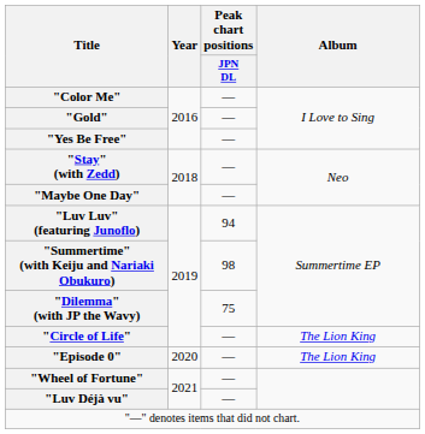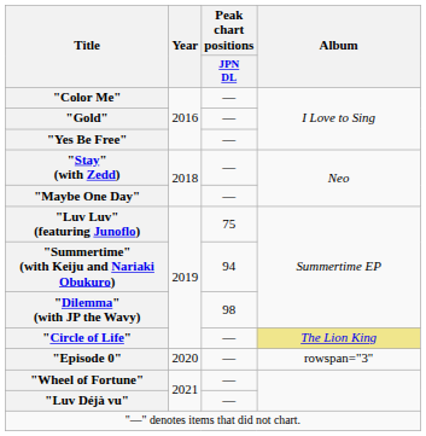 <table class="wikitable plainrowheaders" style="text-align:center;">
 <tr>
 <th rowspan="2" scope="col" style="width:12em;">Title</th>
 <th rowspan="2" scope="col" style="width:1em;">Year</th>
 <th>Peak chart positions</th>
 <th rowspan="2" scope="col" style="width:12em;">Album</th>
 </tr>
 <tr>
 <th style="width:3em;font-size:85%"><a href='#'>JPN<br>DL</a><br></th>
 </tr>
 <tr>
 <th scope="row">"Color Me"</th>
 <td rowspan="3">2016</td>
 <td>—</td>
 <td rowspan="3"><em>I Love to Sing</em></td>
 </tr>
 <tr>
 <th scope="row">"Gold"</th>
 <td>—</td>
 </tr>
 <tr>
 <th scope="row">"Yes Be Free"</th>
 <td>—</td>
 </tr>
 <tr>
 <th scope="row">"<a href='#'>Stay</a>"<br><span>(with <a href='#'>Zedd</a>)</span></th>
 <td rowspan="2">2018</td>
 <td>—</td>
 <td rowspan="2"><em>Neo</em></td>
 </tr>
 <tr>
 <th scope="row">"Maybe One Day"</th>
 <td>—</td>
 </tr>
 <tr>
 <th scope="row">"Luv Luv"<br><span>(featuring <a href='#'>Junoflo</a>)</span></th>
 <td rowspan="4">2019</td>
-<td>94</td>
+<td>75</td>
 <td rowspan="3"><em>Summertime EP</em></td>
 </tr>
 <tr>
 <th scope="row">"Summertime"<br><span>(with Keiju and <a href='#'>Nariaki Obukuro</a>)</span></th>
-<td>98</td>
+<td>94</td>
 </tr>
 <tr>
 <th scope="row">"<a href='#'>Dilemma</a>"<br><span>(with JP the Wavy)</span></th>
-<td>75</td>
+<td>98</td>
 </tr>
 <tr>
 <th scope="row">"<a href='#'>Circle of Life</a>"</th>
 <td>—</td>
-<td><em><a href='#'>The Lion King</a></em></td>
+<td style="background: khaki;"><em><a href='#'>The Lion King</a></em></td>
 </tr>
 <tr>
 <th scope="row">"Episode 0"</th>
 <td>2020</td>
 <td>—</td>
-<td><em><a href='#'>The Lion King</a></em></td>
+<td>rowspan="3" </td>
 </tr>
 <tr>
 <th scope="row">"Wheel of Fortune"</th>
 <td rowspan="2">2021</td>
 <td>—</td>
 </tr>
 <tr>
 <th scope="row">"Luv Déjà vu"</th>
 <td>—</td>
 </tr>
 <tr>
 <td colspan="4" align="center" style="font-size:90%;">"—" denotes items that did not chart.</td>
 </tr>
 </table>
